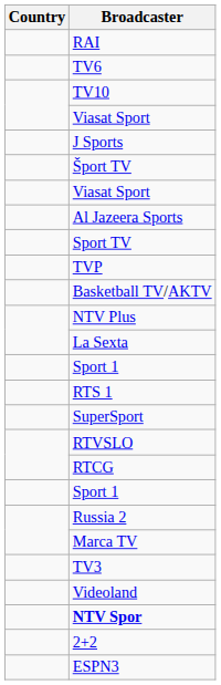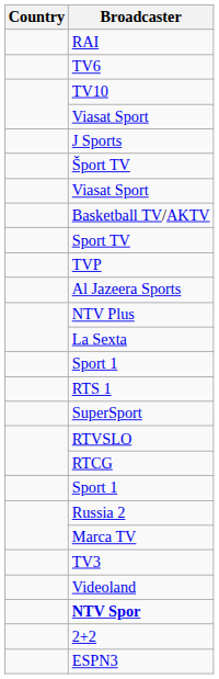 <table class="wikitable">
 <tr>
 <th align=center>Country</th>
 <th align=center>Broadcaster</th>
 </tr>
 <tr>
 <td align=left></td>
 <td><a href='#'>RAI</a></td>
 </tr>
 <tr>
 <td align=left></td>
 <td><a href='#'>TV6</a></td>
 </tr>
 <tr>
 <td style="text-align:left;" rowspan="2"></td>
 <td><a href='#'>TV10</a></td>
 </tr>
 <tr>
 <td><a href='#'>Viasat Sport</a></td>
 </tr>
 <tr>
 <td align=left></td>
 <td><a href='#'>J Sports</a></td>
 </tr>
 <tr>
 <td align=left></td>
 <td><a href='#'>Šport TV</a></td>
 </tr>
 <tr>
 <td align=left></td>
 <td><a href='#'>Viasat Sport</a></td>
 </tr>
 <tr>
 <td align=left></td>
-<td><a href='#'>Al Jazeera Sports</a></td>
+<td><a href='#'>Basketball TV</a>/<a href='#'>AKTV</a></td>
 </tr>
 <tr>
 <td align=left></td>
 <td><a href='#'>Sport TV</a></td>
 </tr>
 <tr>
 <td align=left></td>
 <td><a href='#'>TVP</a></td>
 </tr>
 <tr>
 <td align=left></td>
-<td><a href='#'>Basketball TV</a>/<a href='#'>AKTV</a></td>
+<td><a href='#'>Al Jazeera Sports</a></td>
 </tr>
 <tr>
 <td style="text-align:left;" rowspan="2"></td>
 <td><a href='#'>NTV Plus</a></td>
 </tr>
 <tr>
 <td><a href='#'>La Sexta</a></td>
 </tr>
 <tr>
 <td align=left></td>
 <td><a href='#'>Sport 1</a></td>
 </tr>
 <tr>
 <td align=left></td>
 <td><a href='#'>RTS 1</a></td>
 </tr>
 <tr>
 <td align=left></td>
 <td><a href='#'>SuperSport</a></td>
 </tr>
 <tr>
 <td style="text-align:left;" rowspan="2"></td>
 <td><a href='#'>RTVSLO</a></td>
 </tr>
 <tr>
 <td><a href='#'>RTCG</a></td>
 </tr>
 <tr>
 <td align=left></td>
 <td><a href='#'>Sport 1</a></td>
 </tr>
 <tr>
 <td style="text-align:left;" rowspan="2"></td>
 <td><a href='#'>Russia 2</a></td>
 </tr>
 <tr>
 <td><a href='#'>Marca TV</a></td>
 </tr>
 <tr>
 <td align=left></td>
 <td><a href='#'>TV3</a></td>
 </tr>
 <tr>
 <td align=left></td>
 <td><a href='#'>Videoland</a></td>
 </tr>
 <tr>
 <td align=left></td>
 <td><strong><a href='#'>NTV Spor</a></strong></td>
 </tr>
 <tr>
 <td align=left></td>
 <td><a href='#'>2+2</a></td>
 </tr>
 <tr>
 <td align=left></td>
 <td><a href='#'>ESPN3</a></td>
 </tr>
 </table>
